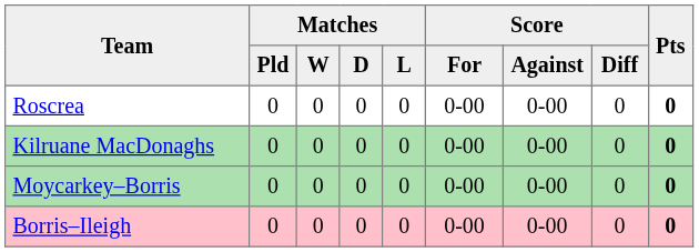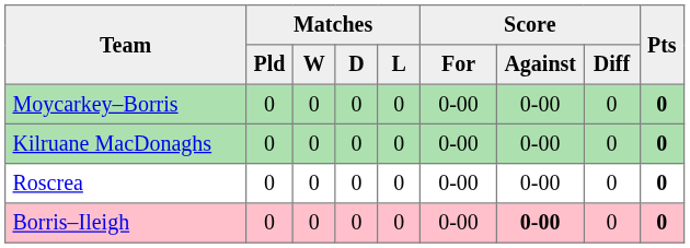 <table style=border-collapse:collapse border=1 cellspacing=0 cellpadding=5>
 <tr align=center bgcolor=#efefef>
 <th rowspan=2 width=165>Team</th>
 <th colspan=4>Matches</th>
 <th colspan=3>Score</th>
 <th rowspan=2width=20>Pts</th>
 </tr>
 <tr align=center bgcolor=#efefef>
 <th width=20>Pld</th>
 <th width=20>W</th>
 <th width=20>D</th>
 <th width=20>L</th>
 <th width=45>For</th>
 <th width=45>Against</th>
 <th width=30>Diff</th>
 </tr>
-<tr align=center>
-<td style="text-align:left;"> <a href='#'>Roscrea</a></td>
+<tr align=center style="background:#ACE1AF;">
+<td style="text-align:left;"> <a href='#'>Moycarkey–Borris</a></td>
 <td>0</td>
 <td>0</td>
 <td>0</td>
 <td>0</td>
 <td>0-00</td>
 <td>0-00</td>
 <td>0</td>
 <td><strong>0</strong></td>
 </tr>
 <tr align=center style="background:#ACE1AF;">
 <td style="text-align:left;"> <a href='#'>Kilruane MacDonaghs</a></td>
 <td>0</td>
 <td>0</td>
 <td>0</td>
 <td>0</td>
 <td>0-00</td>
 <td>0-00</td>
 <td>0</td>
 <td><strong>0</strong></td>
 </tr>
-<tr align=center style="background:#ACE1AF;">
-<td style="text-align:left;"> <a href='#'>Moycarkey–Borris</a></td>
+<tr align=center>
+<td style="text-align:left;"> <a href='#'>Roscrea</a></td>
 <td>0</td>
 <td>0</td>
 <td>0</td>
 <td>0</td>
 <td>0-00</td>
 <td>0-00</td>
 <td>0</td>
 <td><strong>0</strong></td>
 </tr>
 <tr align=center style="background:#FFC0CB;">
 <td style="text-align:left;"> <a href='#'>Borris–Ileigh</a></td>
 <td>0</td>
 <td>0</td>
 <td>0</td>
 <td>0</td>
 <td>0-00</td>
-<td>0-00</td>
+<td><strong>0-00</strong></td>
 <td>0</td>
 <td><strong>0</strong></td>
 </tr>
 </table>
